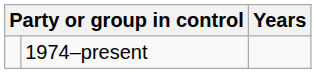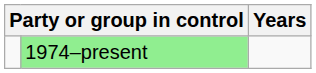 <table class="wikitable">
 <tr>
 <th colspan=2>Party or group in control</th>
 <th>Years</th>
 </tr>
 <tr>
 <td></td>
-<td>1974–present</td>
+<td style="background: lightgreen;">1974–present</td>
 </tr>
 </table>
